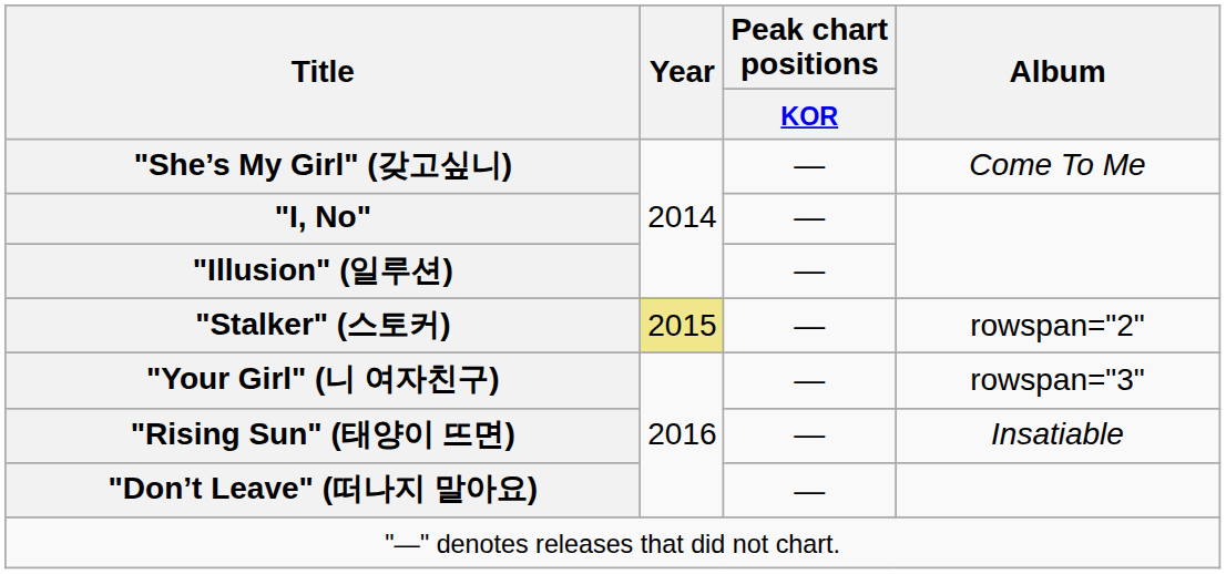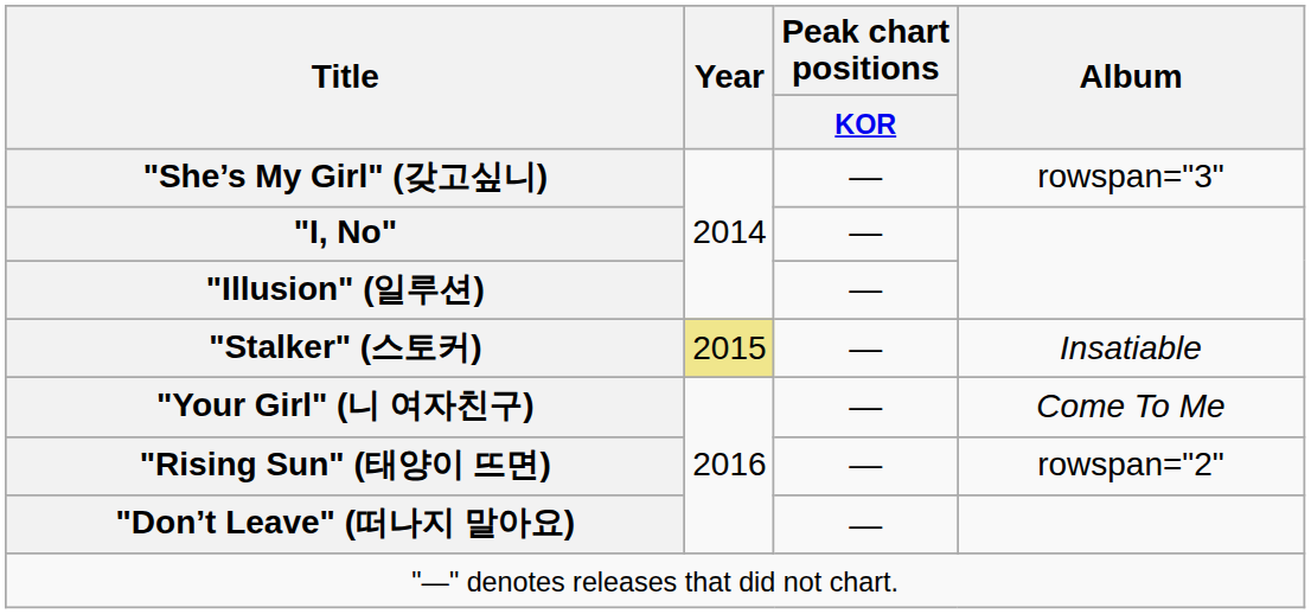 <table class="wikitable plainrowheaders" style="text-align:center;" border="1">
 <tr>
 <th scope="col" rowspan="2" style="width:20em;">Title</th>
 <th scope="col" rowspan="2">Year</th>
 <th scope="col" colspan="1">Peak chart <br> positions</th>
 <th scope="col" rowspan="2" style="width:10em;">Album</th>
 </tr>
 <tr>
 <th><small><a href='#'>KOR</a></small><br></th>
 </tr>
 <tr>
 <th scope="row">"She’s My Girl" (갖고싶니)</th>
 <td rowspan="3">2014</td>
 <td>—</td>
-<td><em>Come To Me</em></td>
+<td>rowspan="3" </td>
 </tr>
 <tr>
 <th scope="row">"I, No"</th>
 <td>—</td>
 </tr>
 <tr>
 <th scope="row">"Illusion" (일루션)</th>
 <td>—</td>
 </tr>
 <tr>
 <th scope="row">"Stalker" (스토커)</th>
 <td style="background: khaki;">2015</td>
 <td>—</td>
-<td>rowspan="2" </td>
+<td><em>Insatiable</em></td>
 </tr>
 <tr>
 <th scope="row">"Your Girl" (니 여자친구)</th>
 <td rowspan="3">2016</td>
 <td>—</td>
-<td>rowspan="3" </td>
+<td><em>Come To Me</em></td>
 </tr>
 <tr>
 <th scope="row">"Rising Sun" (태양이 뜨면)</th>
 <td>—</td>
-<td><em>Insatiable</em></td>
+<td>rowspan="2" </td>
 </tr>
 <tr>
 <th scope="row">"Don’t Leave" (떠나지 말아요)</th>
 <td>—</td>
 </tr>
 <tr>
 <td colspan="5" align="center"><small>"—" denotes releases that did not chart.</small></td>
 </tr>
 </table>
